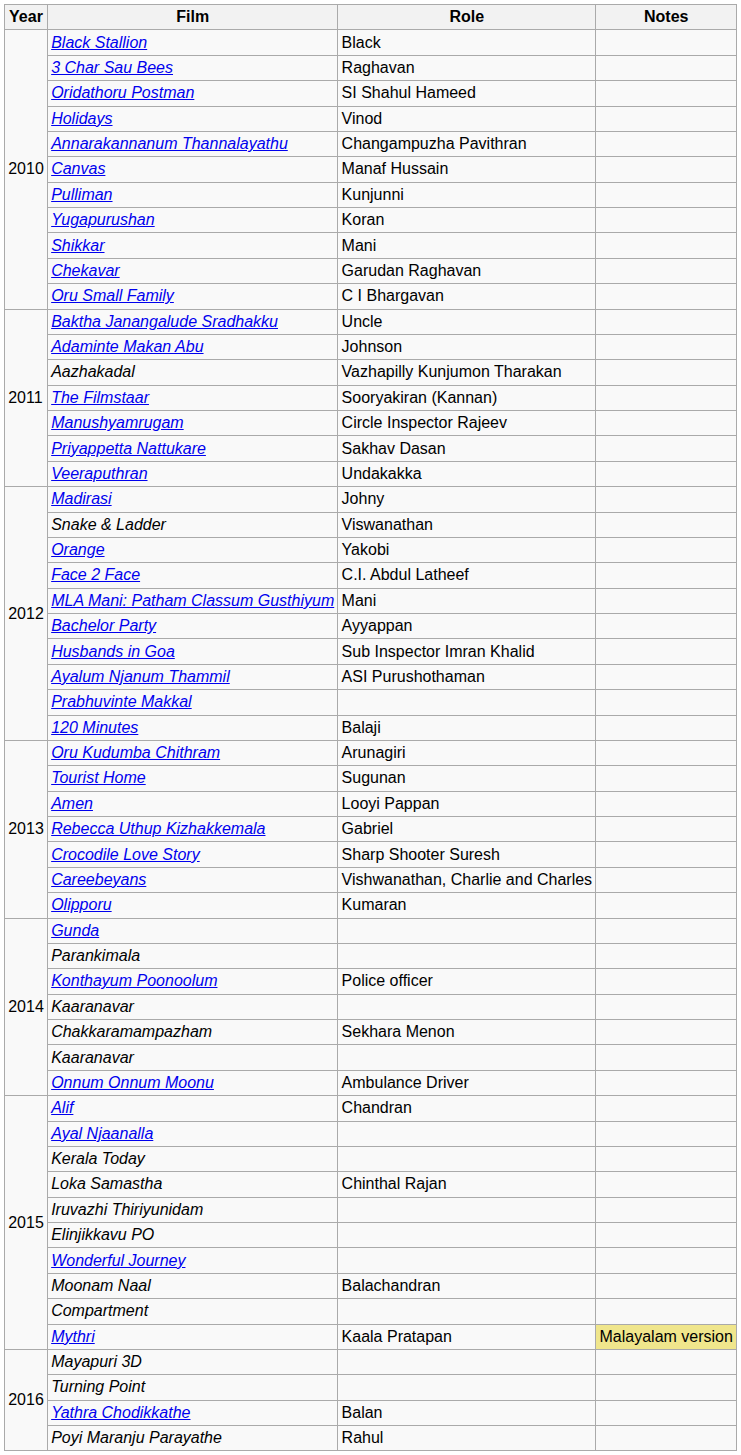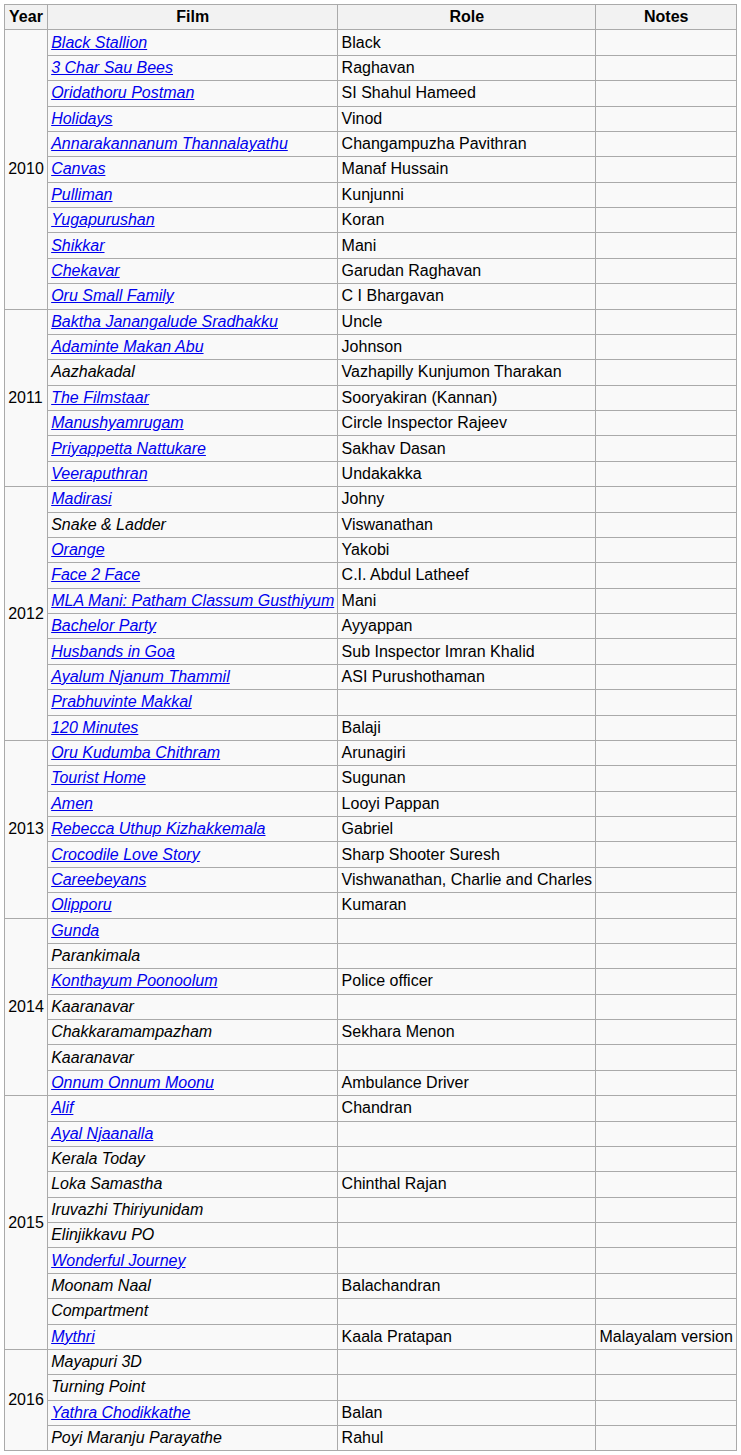 <table class="wikitable sortable">
 <tr>
 <th scope="col">Year</th>
 <th scope="col">Film</th>
 <th scope="col">Role</th>
 <th>Notes</th>
 </tr>
 <tr>
 <td rowspan=11>2010</td>
 <td><em><a href='#'>Black Stallion</a></em></td>
 <td>Black</td>
 <td></td>
 </tr>
 <tr>
 <td><em><a href='#'>3 Char Sau Bees</a></em></td>
 <td>Raghavan</td>
 <td></td>
 </tr>
 <tr>
 <td><em><a href='#'>Oridathoru Postman</a></em></td>
 <td>SI Shahul Hameed</td>
 <td></td>
 </tr>
 <tr>
 <td><em><a href='#'>Holidays</a></em></td>
 <td>Vinod</td>
 <td></td>
 </tr>
 <tr>
 <td><em><a href='#'>Annarakannanum Thannalayathu</a></em></td>
 <td>Changampuzha Pavithran</td>
 <td></td>
 </tr>
 <tr>
 <td><em><a href='#'>Canvas</a></em></td>
 <td>Manaf Hussain</td>
 <td></td>
 </tr>
 <tr>
 <td><em><a href='#'>Pulliman</a></em></td>
 <td>Kunjunni</td>
 <td></td>
 </tr>
 <tr>
 <td><em><a href='#'>Yugapurushan</a></em></td>
 <td>Koran</td>
 <td></td>
 </tr>
 <tr>
 <td><em><a href='#'>Shikkar</a></em></td>
 <td>Mani</td>
 <td></td>
 </tr>
 <tr>
 <td><em><a href='#'>Chekavar</a></em></td>
 <td>Garudan Raghavan</td>
 <td></td>
 </tr>
 <tr>
 <td><em><a href='#'>Oru Small Family</a></em></td>
 <td>C I Bhargavan</td>
 <td></td>
 </tr>
 <tr>
 <td rowspan=7>2011</td>
 <td><em><a href='#'>Baktha Janangalude Sradhakku</a></em></td>
 <td>Uncle</td>
 <td></td>
 </tr>
 <tr>
 <td><em><a href='#'>Adaminte Makan Abu</a> </em></td>
 <td>Johnson</td>
 <td></td>
 </tr>
 <tr>
 <td><em>Aazhakadal</em></td>
 <td>Vazhapilly Kunjumon Tharakan</td>
 <td></td>
 </tr>
 <tr>
 <td><em><a href='#'>The Filmstaar</a></em></td>
 <td>Sooryakiran (Kannan)</td>
 <td></td>
 </tr>
 <tr>
 <td><em><a href='#'>Manushyamrugam</a></em></td>
 <td>Circle Inspector Rajeev</td>
 <td></td>
 </tr>
 <tr>
 <td><em><a href='#'>Priyappetta Nattukare</a></em></td>
 <td>Sakhav Dasan</td>
 <td></td>
 </tr>
 <tr>
 <td><em><a href='#'>Veeraputhran</a></em></td>
 <td>Undakakka</td>
 <td></td>
 </tr>
 <tr>
 <td rowspan=10>2012</td>
 <td><em><a href='#'>Madirasi</a></em></td>
 <td>Johny</td>
 <td></td>
 </tr>
 <tr>
 <td><em>Snake & Ladder</em></td>
 <td>Viswanathan</td>
 <td></td>
 </tr>
 <tr>
 <td><em><a href='#'>Orange</a></em></td>
 <td>Yakobi</td>
 <td></td>
 </tr>
 <tr>
 <td><em><a href='#'>Face 2 Face</a></em></td>
 <td>C.I. Abdul Latheef</td>
 <td></td>
 </tr>
 <tr>
 <td><em><a href='#'>MLA Mani: Patham Classum Gusthiyum</a></em></td>
 <td>Mani</td>
 <td></td>
 </tr>
 <tr>
 <td><em><a href='#'>Bachelor Party</a></em></td>
 <td>Ayyappan</td>
 <td></td>
 </tr>
 <tr>
 <td><em><a href='#'>Husbands in Goa</a></em></td>
 <td>Sub Inspector Imran Khalid</td>
 <td></td>
 </tr>
 <tr>
 <td><em><a href='#'>Ayalum Njanum Thammil</a></em></td>
 <td>ASI Purushothaman</td>
 <td></td>
 </tr>
 <tr>
 <td><em><a href='#'>Prabhuvinte Makkal</a></em></td>
 <td></td>
 <td></td>
 </tr>
 <tr>
 <td><em><a href='#'>120 Minutes</a></em></td>
 <td>Balaji</td>
 <td></td>
 </tr>
 <tr>
 <td rowspan=7>2013</td>
 <td><em><a href='#'>Oru Kudumba Chithram</a></em></td>
 <td>Arunagiri</td>
 <td></td>
 </tr>
 <tr>
 <td><em><a href='#'>Tourist Home</a></em></td>
 <td>Sugunan</td>
 <td></td>
 </tr>
 <tr>
 <td><em><a href='#'>Amen</a></em></td>
 <td>Looyi Pappan</td>
 <td></td>
 </tr>
 <tr>
 <td><em><a href='#'>Rebecca Uthup Kizhakkemala</a></em></td>
 <td>Gabriel</td>
 <td></td>
 </tr>
 <tr>
 <td><em><a href='#'>Crocodile Love Story</a></em></td>
 <td>Sharp Shooter Suresh</td>
 <td></td>
 </tr>
 <tr>
 <td><em><a href='#'>Careebeyans</a> </em></td>
 <td>Vishwanathan, Charlie and Charles</td>
 <td></td>
 </tr>
 <tr>
 <td><em><a href='#'>Olipporu</a></em></td>
 <td>Kumaran</td>
 <td></td>
 </tr>
 <tr>
 <td rowspan=7>2014</td>
 <td><em><a href='#'>Gunda</a></em></td>
 <td></td>
 <td></td>
 </tr>
 <tr>
 <td><em>Parankimala</em></td>
 <td></td>
 <td></td>
 </tr>
 <tr>
 <td><em><a href='#'>Konthayum Poonoolum</a></em></td>
 <td>Police officer</td>
 <td></td>
 </tr>
 <tr>
 <td><em>Kaaranavar</em></td>
 <td></td>
 <td></td>
 </tr>
 <tr>
 <td><em>Chakkaramampazham</em></td>
 <td>Sekhara Menon</td>
 <td></td>
 </tr>
 <tr>
 <td><em>Kaaranavar</em></td>
 <td></td>
 <td></td>
 </tr>
 <tr>
 <td><em><a href='#'>Onnum Onnum Moonu</a></em></td>
 <td>Ambulance Driver</td>
 <td></td>
 </tr>
 <tr>
 <td rowspan=10>2015</td>
 <td><em><a href='#'>Alif</a></em></td>
 <td>Chandran</td>
 <td></td>
 </tr>
 <tr>
 <td><em><a href='#'>Ayal Njaanalla</a></em></td>
 <td></td>
 <td></td>
 </tr>
 <tr>
 <td><em>Kerala Today</em></td>
 <td></td>
 <td></td>
 </tr>
 <tr>
 <td><em>Loka Samastha</em></td>
 <td>Chinthal Rajan</td>
 <td></td>
 </tr>
 <tr>
 <td><em>Iruvazhi Thiriyunidam</em></td>
 <td></td>
 <td></td>
 </tr>
 <tr>
 <td><em>Elinjikkavu PO</em></td>
 <td></td>
 <td></td>
 </tr>
 <tr>
 <td><em><a href='#'>Wonderful Journey</a></em></td>
 <td></td>
 <td></td>
 </tr>
 <tr>
 <td><em>Moonam Naal</em></td>
 <td>Balachandran</td>
 <td></td>
 </tr>
 <tr>
 <td><em>Compartment</em></td>
 <td></td>
 <td></td>
 </tr>
 <tr>
 <td><em><a href='#'>Mythri</a></em></td>
 <td>Kaala Pratapan</td>
-<td style="background: khaki;">Malayalam version</td>
+<td>Malayalam version</td>
 </tr>
 <tr>
 <td rowspan=4>2016</td>
 <td><em>Mayapuri 3D</em></td>
 <td></td>
 <td></td>
 </tr>
 <tr>
 <td><em>Turning Point</em></td>
 <td></td>
 <td></td>
 </tr>
 <tr>
 <td><em><a href='#'>Yathra Chodikkathe</a></em></td>
 <td>Balan</td>
 <td></td>
 </tr>
 <tr>
 <td><em>Poyi Maranju Parayathe</em></td>
 <td>Rahul</td>
 <td></td>
 </tr>
 <tr>
 </tr>
 </table>
